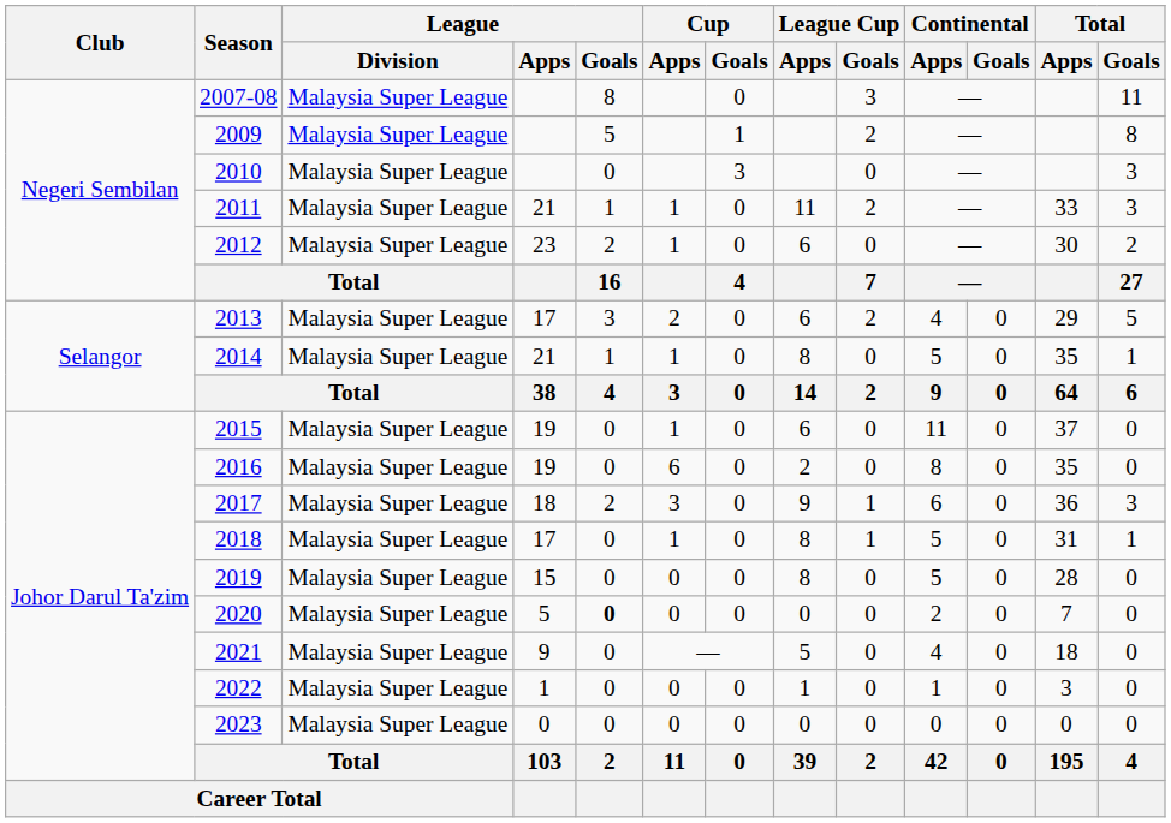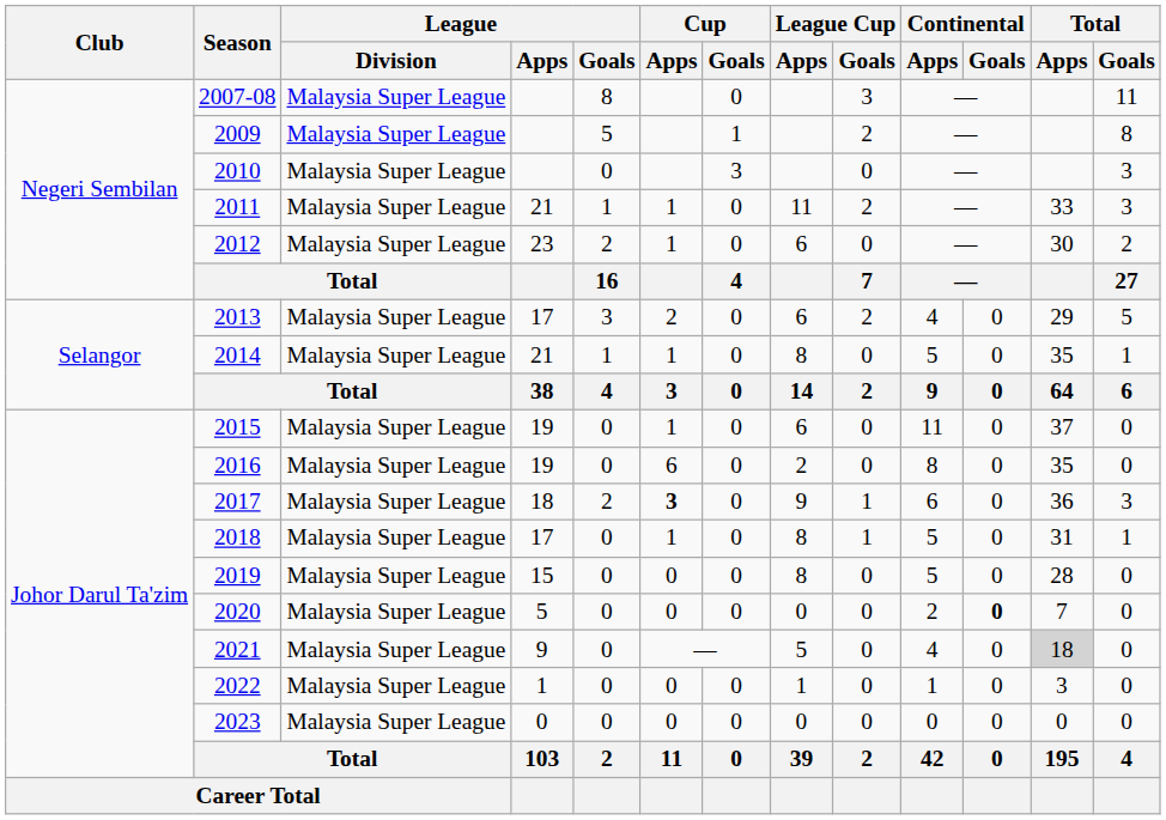 <table class=wikitable style="text-align:center">
 <tr>
 <th rowspan=2>Club</th>
 <th rowspan=2>Season</th>
 <th colspan=3>League</th>
 <th colspan=2>Cup</th>
 <th colspan=2>League Cup</th>
 <th colspan=2>Continental</th>
 <th colspan=2>Total</th>
 </tr>
 <tr>
 <th>Division</th>
 <th>Apps</th>
 <th>Goals</th>
 <th>Apps</th>
 <th>Goals</th>
 <th>Apps</th>
 <th>Goals</th>
 <th>Apps</th>
 <th>Goals</th>
 <th>Apps</th>
 <th>Goals</th>
 </tr>
 <tr>
 <td rowspan=6><a href='#'>Negeri Sembilan</a></td>
 <td><a href='#'>2007-08</a></td>
 <td><a href='#'>Malaysia Super League</a></td>
 <td></td>
 <td>8</td>
 <td></td>
 <td>0</td>
 <td></td>
 <td>3</td>
 <td colspan="2">—</td>
 <td></td>
 <td>11</td>
 </tr>
 <tr>
 <td><a href='#'>2009</a></td>
 <td><a href='#'>Malaysia Super League</a></td>
 <td></td>
 <td>5</td>
 <td></td>
 <td>1</td>
 <td></td>
 <td>2</td>
 <td colspan="2">—</td>
 <td></td>
 <td>8</td>
 </tr>
 <tr>
 <td><a href='#'>2010</a></td>
 <td>Malaysia Super League</td>
 <td></td>
 <td>0</td>
 <td></td>
 <td>3</td>
 <td></td>
 <td>0</td>
 <td colspan="2">—</td>
 <td></td>
 <td>3</td>
 </tr>
 <tr>
 <td><a href='#'>2011</a></td>
 <td>Malaysia Super League</td>
 <td>21</td>
 <td>1</td>
 <td>1</td>
 <td>0</td>
 <td>11</td>
 <td>2</td>
 <td colspan="2">—</td>
 <td>33</td>
 <td>3</td>
 </tr>
 <tr>
 <td><a href='#'>2012</a></td>
 <td>Malaysia Super League</td>
 <td>23</td>
 <td>2</td>
 <td>1</td>
 <td>0</td>
 <td>6</td>
 <td>0</td>
 <td colspan="2">—</td>
 <td>30</td>
 <td>2</td>
 </tr>
 <tr>
 <th colspan="2">Total</th>
 <th></th>
 <th>16</th>
 <th></th>
 <th>4</th>
 <th></th>
 <th>7</th>
 <th colspan="2">—</th>
 <th></th>
 <th>27</th>
 </tr>
 <tr>
 <td rowspan=3><a href='#'>Selangor</a></td>
 <td><a href='#'>2013</a></td>
 <td>Malaysia Super League</td>
 <td>17</td>
 <td>3</td>
 <td>2</td>
 <td>0</td>
 <td>6</td>
 <td>2</td>
 <td>4</td>
 <td>0</td>
 <td>29</td>
 <td>5</td>
 </tr>
 <tr>
 <td><a href='#'>2014</a></td>
 <td>Malaysia Super League</td>
 <td>21</td>
 <td>1</td>
 <td>1</td>
 <td>0</td>
 <td>8</td>
 <td>0</td>
 <td>5</td>
 <td>0</td>
 <td>35</td>
 <td>1</td>
 </tr>
 <tr>
 <th colspan="2">Total</th>
 <th>38</th>
 <th>4</th>
 <th>3</th>
 <th>0</th>
 <th>14</th>
 <th>2</th>
 <th>9</th>
 <th>0</th>
 <th>64</th>
 <th>6</th>
 </tr>
 <tr>
 <td rowspan=10><a href='#'>Johor Darul Ta'zim</a></td>
 <td><a href='#'>2015</a></td>
 <td>Malaysia Super League</td>
 <td>19</td>
 <td>0</td>
 <td>1</td>
 <td>0</td>
 <td>6</td>
 <td>0</td>
 <td>11</td>
 <td>0</td>
 <td>37</td>
 <td>0</td>
 </tr>
 <tr>
 <td><a href='#'>2016</a></td>
 <td>Malaysia Super League</td>
 <td>19</td>
 <td>0</td>
 <td>6</td>
 <td>0</td>
 <td>2</td>
 <td>0</td>
 <td>8</td>
 <td>0</td>
 <td>35</td>
 <td>0</td>
 </tr>
 <tr>
 <td><a href='#'>2017</a></td>
 <td>Malaysia Super League</td>
 <td>18</td>
 <td>2</td>
-<td>3</td>
+<td><strong>3</strong></td>
 <td>0</td>
 <td>9</td>
 <td>1</td>
 <td>6</td>
 <td>0</td>
 <td>36</td>
 <td>3</td>
 </tr>
 <tr>
 <td><a href='#'>2018</a></td>
 <td>Malaysia Super League</td>
 <td>17</td>
 <td>0</td>
 <td>1</td>
 <td>0</td>
 <td>8</td>
 <td>1</td>
 <td>5</td>
 <td>0</td>
 <td>31</td>
 <td>1</td>
 </tr>
 <tr>
 <td><a href='#'>2019</a></td>
 <td>Malaysia Super League</td>
 <td>15</td>
 <td>0</td>
 <td>0</td>
 <td>0</td>
 <td>8</td>
 <td>0</td>
 <td>5</td>
 <td>0</td>
 <td>28</td>
 <td>0</td>
 </tr>
 <tr>
 <td><a href='#'>2020</a></td>
 <td>Malaysia Super League</td>
 <td>5</td>
-<td><strong>0</strong></td>
+<td>0</td>
 <td>0</td>
 <td>0</td>
 <td>0</td>
 <td>0</td>
 <td>2</td>
-<td>0</td>
+<td><strong>0</strong></td>
 <td>7</td>
 <td>0</td>
 </tr>
 <tr>
 <td><a href='#'>2021</a></td>
 <td>Malaysia Super League</td>
 <td>9</td>
 <td>0</td>
 <td colspan="2">—</td>
 <td>5</td>
 <td>0</td>
 <td>4</td>
 <td>0</td>
-<td>18</td>
+<td style="background: lightgrey;">18</td>
 <td>0</td>
 </tr>
 <tr>
 <td><a href='#'>2022</a></td>
 <td>Malaysia Super League</td>
 <td>1</td>
 <td>0</td>
 <td>0</td>
 <td>0</td>
 <td>1</td>
 <td>0</td>
 <td>1</td>
 <td>0</td>
 <td>3</td>
 <td>0</td>
 </tr>
 <tr>
 <td><a href='#'>2023</a></td>
 <td>Malaysia Super League</td>
 <td>0</td>
 <td>0</td>
 <td>0</td>
 <td>0</td>
 <td>0</td>
 <td>0</td>
 <td>0</td>
 <td>0</td>
 <td>0</td>
 <td>0</td>
 </tr>
 <tr>
 <th colspan="2">Total</th>
 <th>103</th>
 <th>2</th>
 <th>11</th>
 <th>0</th>
 <th>39</th>
 <th>2</th>
 <th>42</th>
 <th>0</th>
 <th>195</th>
 <th>4</th>
 </tr>
 <tr>
 <th colspan="3">Career Total</th>
 <th></th>
 <th></th>
 <th></th>
 <th></th>
 <th></th>
 <th></th>
 <th></th>
 <th></th>
 <th></th>
 <th></th>
 </tr>
 </table>
